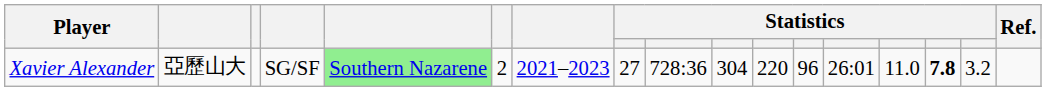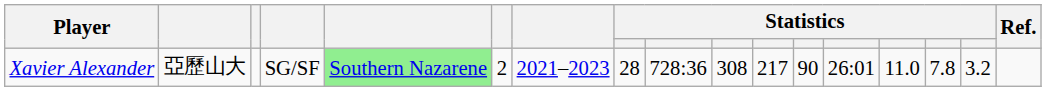 <table class="wikitable sortable" style="font-size:95%; text-align:right;">
 <tr>
 <th rowspan="2">Player</th>
 <th rowspan="2"></th>
 <th rowspan="2"></th>
 <th rowspan="2"></th>
 <th rowspan="2"></th>
 <th rowspan="2"></th>
 <th rowspan="2"></th>
 <th colspan="9">Statistics</th>
 <th rowspan="2">Ref.</th>
 </tr>
 <tr>
 <th></th>
 <th></th>
 <th></th>
 <th></th>
 <th></th>
 <th></th>
 <th></th>
 <th></th>
 <th></th>
 </tr>
 <tr>
 <td align="left"><em><a href='#'>Xavier Alexander</a></em></td>
 <td align="left">亞歷山大</td>
 <td align="center"></td>
 <td align="center">SG/SF</td>
 <td align="left" style="background: lightgreen;"><a href='#'>Southern Nazarene</a></td>
 <td align="center">2</td>
 <td align="center"><a href='#'>2021</a>–<a href='#'>2023</a></td>
-<td>27</td>
+<td>28</td>
 <td>728:36</td>
-<td>304</td>
-<td>220</td>
-<td>96</td>
+<td>308</td>
+<td>217</td>
+<td>90</td>
 <td>26:01</td>
 <td>11.0</td>
-<td><strong>7.8</strong></td>
+<td>7.8</td>
 <td>3.2</td>
 <td align="center"></td>
 </tr>
 </table>
